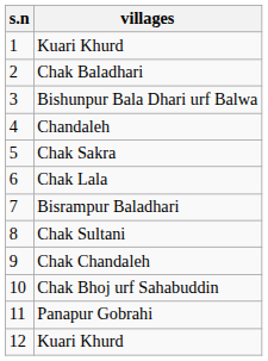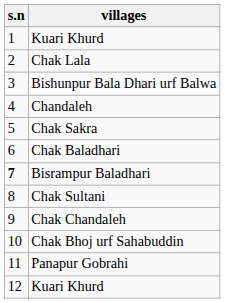 <table class="wikitable">
 <tr>
 <th>s.n</th>
 <th>villages</th>
 </tr>
 <tr>
 <td>1</td>
 <td>Kuari Khurd</td>
 </tr>
 <tr>
 <td>2</td>
-<td>Chak Baladhari</td>
+<td>Chak Lala</td>
 </tr>
 <tr>
 <td>3</td>
 <td>Bishunpur Bala Dhari urf Balwa</td>
 </tr>
 <tr>
 <td>4</td>
 <td>Chandaleh</td>
 </tr>
 <tr>
 <td>5</td>
 <td>Chak Sakra</td>
 </tr>
 <tr>
 <td>6</td>
-<td>Chak Lala</td>
+<td>Chak Baladhari</td>
 </tr>
 <tr>
-<td>7</td>
+<td><strong>7</strong></td>
 <td>Bisrampur Baladhari</td>
 </tr>
 <tr>
 <td>8</td>
 <td>Chak Sultani</td>
 </tr>
 <tr>
 <td>9</td>
 <td>Chak Chandaleh</td>
 </tr>
 <tr>
 <td>10</td>
 <td>Chak Bhoj urf Sahabuddin</td>
 </tr>
 <tr>
 <td>11</td>
 <td>Panapur Gobrahi</td>
 </tr>
 <tr>
 <td>12</td>
 <td>Kuari Khurd</td>
 </tr>
 </table>
